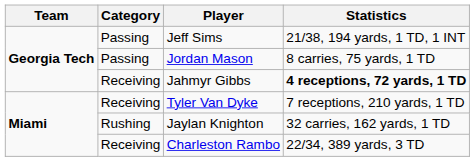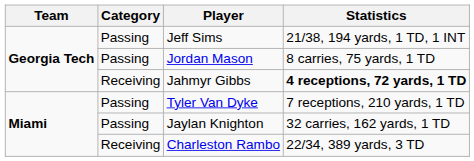 <table class="wikitable" style="float: right;">
 <tr>
 <th>Team</th>
 <th>Category</th>
 <th>Player</th>
 <th>Statistics</th>
 </tr>
 <tr>
 <td rowspan=3><strong>Georgia Tech</strong></td>
 <td>Passing</td>
 <td>Jeff Sims</td>
 <td>21/38, 194 yards, 1 TD, 1 INT</td>
 </tr>
 <tr>
 <td>Passing</td>
 <td><a href='#'>Jordan Mason</a></td>
 <td>8 carries, 75 yards, 1 TD</td>
 </tr>
 <tr>
 <td>Receiving</td>
 <td>Jahmyr Gibbs</td>
 <td><strong>4 receptions, 72 yards, 1 TD</strong></td>
 </tr>
 <tr>
 <td rowspan=3><strong>Miami</strong></td>
-<td>Receiving</td>
+<td>Passing</td>
 <td><a href='#'>Tyler Van Dyke</a></td>
 <td>7 receptions, 210 yards, 1 TD</td>
 </tr>
 <tr>
-<td>Rushing</td>
+<td>Passing</td>
 <td>Jaylan Knighton</td>
 <td>32 carries, 162 yards, 1 TD</td>
 </tr>
 <tr>
 <td>Receiving</td>
 <td><a href='#'>Charleston Rambo</a></td>
 <td>22/34, 389 yards, 3 TD</td>
 </tr>
 </table>
